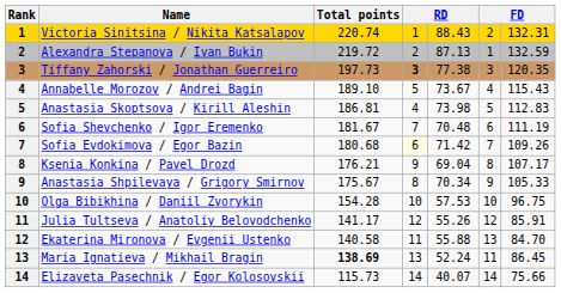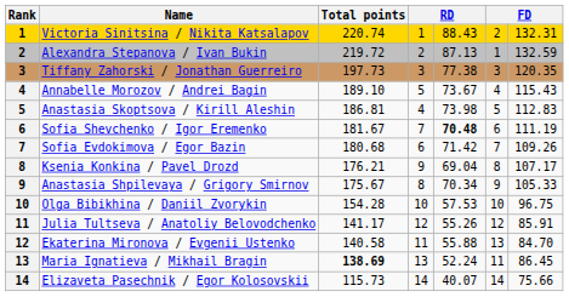 <table class="wikitable sortable">
 <tr>
 <th>Rank</th>
 <th>Name</th>
 <th>Total points</th>
 <th colspan="2" width="80px"><a href='#'>RD</a></th>
 <th colspan="2" width="80px"><a href='#'>FD</a></th>
 </tr>
 <tr bgcolor="gold">
 <td align="center"><strong>1</strong></td>
 <td><a href='#'>Victoria Sinitsina</a> / <a href='#'>Nikita Katsalapov</a></td>
 <td align="center">220.74</td>
 <td align="center">1</td>
 <td align="center">88.43</td>
 <td align="center">2</td>
 <td align="center">132.31</td>
 </tr>
 <tr bgcolor="silver">
 <td align="center"><strong>2</strong></td>
 <td><a href='#'>Alexandra Stepanova</a> / <a href='#'>Ivan Bukin</a></td>
 <td align="center">219.72</td>
 <td align="center">2</td>
 <td align="center">87.13</td>
 <td align="center">1</td>
 <td align="center">132.59</td>
 </tr>
 <tr bgcolor="cc9966">
 <td align="center"><strong>3</strong></td>
 <td><a href='#'>Tiffany Zahorski</a> / <a href='#'>Jonathan Guerreiro</a></td>
 <td align="center">197.73</td>
-<td align="center"><strong>3</strong></td>
+<td align="center">3</td>
 <td align="center">77.38</td>
 <td align="center">3</td>
 <td align="center">120.35</td>
 </tr>
 <tr>
 <th>4</th>
 <td><a href='#'>Annabelle Morozov</a> / <a href='#'>Andrei Bagin</a></td>
 <td align="center">189.10</td>
 <td align="center">5</td>
 <td align="center">73.67</td>
 <td align="center">4</td>
 <td align="center">115.43</td>
 </tr>
 <tr>
 <th>5</th>
 <td><a href='#'>Anastasia Skoptsova</a> / <a href='#'>Kirill Aleshin</a></td>
 <td align="center">186.81</td>
 <td align="center">4</td>
 <td align="center">73.98</td>
 <td align="center">5</td>
 <td align="center">112.83</td>
 </tr>
 <tr>
 <th>6</th>
 <td><a href='#'>Sofia Shevchenko</a> / <a href='#'>Igor Eremenko</a></td>
 <td align="center">181.67</td>
 <td align="center">7</td>
-<td align="center">70.48</td>
+<td align="center"><strong>70.48</strong></td>
 <td align="center">6</td>
 <td align="center">111.19</td>
 </tr>
 <tr>
 <th>7</th>
 <td><a href='#'>Sofia Evdokimova</a> / <a href='#'>Egor Bazin</a></td>
 <td align="center">180.68</td>
-<td align="center" style="background: lightyellow;">6</td>
+<td align="center">6</td>
 <td align="center">71.42</td>
 <td align="center">7</td>
 <td align="center">109.26</td>
 </tr>
 <tr>
 <th>8</th>
 <td><a href='#'>Ksenia Konkina</a> / <a href='#'>Pavel Drozd</a></td>
 <td align="center">176.21</td>
 <td align="center">9</td>
 <td align="center">69.04</td>
 <td align="center">8</td>
 <td align="center">107.17</td>
 </tr>
 <tr>
 <th>9</th>
 <td><a href='#'>Anastasia Shpilevaya</a> / <a href='#'>Grigory Smirnov</a></td>
 <td align="center">175.67</td>
 <td align="center">8</td>
 <td align="center">70.34</td>
 <td align="center">9</td>
 <td align="center">105.33</td>
 </tr>
 <tr>
 <th>10</th>
 <td><a href='#'>Olga Bibikhina</a> / <a href='#'>Daniil Zvorykin</a></td>
 <td align="center">154.28</td>
 <td align="center">10</td>
 <td align="center">57.53</td>
 <td align="center">10</td>
 <td align="center">96.75</td>
 </tr>
 <tr>
 <th>11</th>
 <td><a href='#'>Julia Tultseva</a> / <a href='#'>Anatoliy Belovodchenko</a></td>
 <td align="center">141.17</td>
 <td align="center">12</td>
 <td align="center">55.26</td>
 <td align="center">12</td>
 <td align="center">85.91</td>
 </tr>
 <tr>
 <th>12</th>
 <td><a href='#'>Ekaterina Mironova</a> / <a href='#'>Evgenii Ustenko</a></td>
 <td align="center">140.58</td>
 <td align="center">11</td>
 <td align="center">55.88</td>
 <td align="center">13</td>
 <td align="center">84.70</td>
 </tr>
 <tr>
 <th>13</th>
 <td><a href='#'>Maria Ignatieva</a> / <a href='#'>Mikhail Bragin</a></td>
 <td align="center"><strong>138.69</strong></td>
 <td align="center">13</td>
 <td align="center">52.24</td>
 <td align="center">11</td>
 <td align="center">86.45</td>
 </tr>
 <tr>
 <th>14</th>
 <td><a href='#'>Elizaveta Pasechnik</a> / <a href='#'>Egor Kolosovskii</a></td>
 <td align="center">115.73</td>
 <td align="center">14</td>
 <td align="center">40.07</td>
 <td align="center">14</td>
 <td align="center">75.66</td>
 </tr>
 </table>
